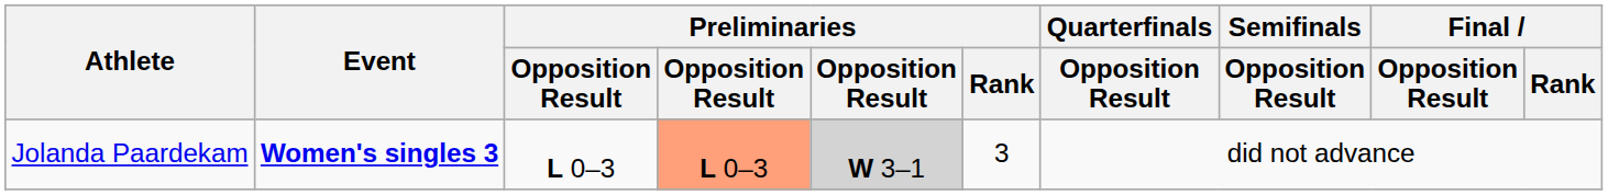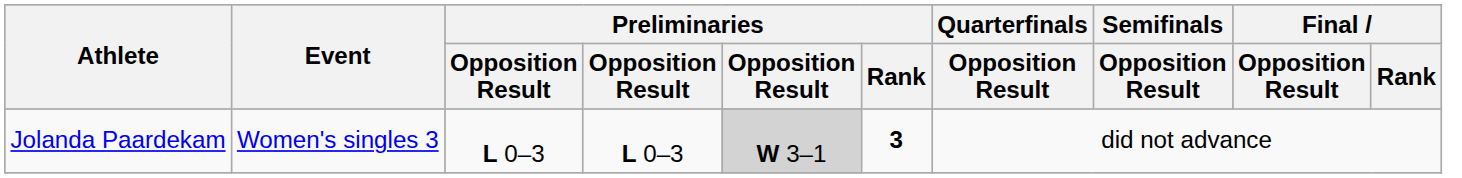 <table class=wikitable style="font-size:90%">
 <tr>
 <th rowspan="2">Athlete</th>
 <th rowspan="2">Event</th>
 <th colspan="4">Preliminaries</th>
 <th>Quarterfinals</th>
 <th>Semifinals</th>
 <th colspan="2">Final / </th>
 </tr>
 <tr>
 <th>Opposition<br>Result</th>
 <th>Opposition<br>Result</th>
 <th>Opposition<br>Result</th>
 <th>Rank</th>
 <th>Opposition<br>Result</th>
 <th>Opposition<br>Result</th>
 <th>Opposition<br>Result</th>
 <th>Rank</th>
 </tr>
 <tr>
 <td><a href='#'>Jolanda Paardekam</a></td>
-<td><strong><a href='#'>Women's singles 3</a></strong></td>
+<td><a href='#'>Women's singles 3</a></td>
 <td align="center"><br><strong>L</strong> 0–3</td>
-<td align="center" style="background: lightsalmon;"><br><strong>L</strong> 0–3</td>
+<td align="center"><br><strong>L</strong> 0–3</td>
 <td align="center" style="background: lightgrey;"><br><strong>W</strong> 3–1</td>
-<td align="center">3</td>
+<td align="center"><strong>3</strong></td>
 <td align="center" colspan="4">did not advance</td>
 </tr>
 </table>
